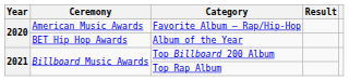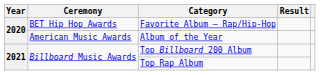 <table class="wikitable sortable plainrowheaders" style="border:none; margin:0;">
 <tr>
 <th scope="col">Year</th>
 <th scope="col">Ceremony</th>
 <th scope="col">Category</th>
 <th scope="col">Result</th>
 <th scope="col" class="unsortable"></th>
 </tr>
 <tr>
 <th scope="row" rowspan="2">2020</th>
-<td><a href='#'>American Music Awards</a></td>
+<td><a href='#'>BET Hip Hop Awards</a></td>
 <td><a href='#'>Favorite Album – Rap/Hip-Hop</a></td>
 <td></td>
 <td></td>
 </tr>
 <tr>
-<td><a href='#'>BET Hip Hop Awards</a></td>
+<td><a href='#'>American Music Awards</a></td>
 <td><a href='#'>Album of the Year</a></td>
 <td></td>
 <td></td>
 </tr>
 <tr>
 <th scope="row" rowspan="2">2021</th>
 <td rowspan="2"><a href='#'><em>Billboard</em> Music Awards</a></td>
 <td><a href='#'>Top <em>Billboard</em> 200 Album</a></td>
 <td></td>
 <td rowspan="2"></td>
 </tr>
 <tr>
 <td><a href='#'>Top Rap Album</a></td>
 <td></td>
 </tr>
 </table>
